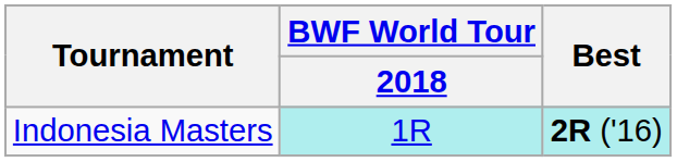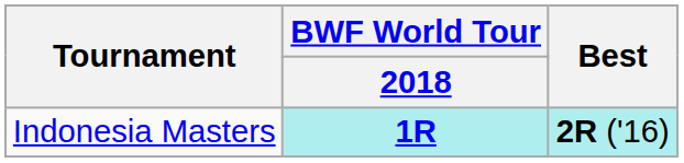 <table style='font-size: 90%; text-align:center;' class='wikitable'>
 <tr>
 <th rowspan="2">Tournament</th>
 <th><strong><a href='#'>BWF World Tour</a></strong></th>
 <th rowspan="2">Best</th>
 </tr>
 <tr>
 <th><a href='#'>2018</a></th>
 </tr>
 <tr>
 <td align=left><a href='#'>Indonesia Masters</a></td>
-<td bgcolor=AFEEEE><a href='#'>1R</a></td>
+<td bgcolor=AFEEEE><strong><a href='#'>1R</a></strong></td>
 <td bgcolor=AFEEEE><strong>2R</strong> ('16)</td>
 </tr>
 </table>
